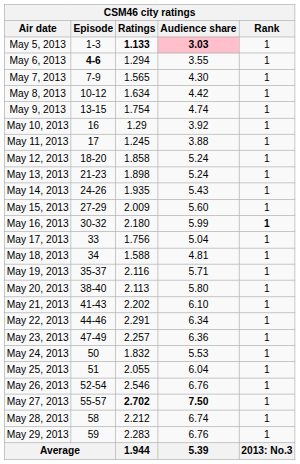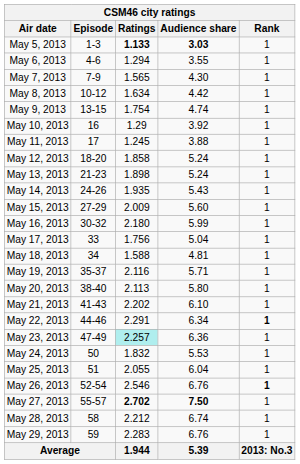 <table class="wikitable sortable mw-collapsible mw-collapsed jquery-tablesorter" style="text-align:center">
 <tr>
 <th colspan="5">CSM46 city ratings</th>
 </tr>
 <tr>
 <th>Air date</th>
 <th>Episode</th>
 <th>Ratings</th>
 <th>Audience share</th>
 <th>Rank</th>
 </tr>
 <tr>
 <td>May 5, 2013</td>
 <td>1-3</td>
 <td><strong><span>1.133</span></strong></td>
-<td style="background: pink;"><strong><span>3.03</span></strong></td>
+<td><strong><span>3.03</span></strong></td>
 <td>1</td>
 </tr>
 <tr>
 <td>May 6, 2013</td>
-<td><strong>4-6</strong></td>
+<td>4-6</td>
 <td>1.294</td>
 <td>3.55</td>
 <td>1</td>
 </tr>
 <tr>
 <td>May 7, 2013</td>
 <td>7-9</td>
 <td>1.565</td>
 <td>4.30</td>
 <td>1</td>
 </tr>
 <tr>
 <td>May 8, 2013</td>
 <td>10-12</td>
 <td>1.634</td>
 <td>4.42</td>
 <td>1</td>
 </tr>
 <tr>
 <td>May 9, 2013</td>
 <td>13-15</td>
 <td>1.754</td>
 <td>4.74</td>
 <td>1</td>
 </tr>
 <tr>
 <td>May 10, 2013</td>
 <td>16</td>
 <td>1.29</td>
 <td>3.92</td>
 <td>1</td>
 </tr>
 <tr>
 <td>May 11, 2013</td>
 <td>17</td>
 <td>1.245</td>
 <td>3.88</td>
 <td>1</td>
 </tr>
 <tr>
 <td>May 12, 2013</td>
 <td>18-20</td>
 <td>1.858</td>
 <td>5.24</td>
 <td>1</td>
 </tr>
 <tr>
 <td>May 13, 2013</td>
 <td>21-23</td>
 <td>1.898</td>
 <td>5.24</td>
 <td>1</td>
 </tr>
 <tr>
 <td>May 14, 2013</td>
 <td>24-26</td>
 <td>1.935</td>
 <td>5.43</td>
 <td>1</td>
 </tr>
 <tr>
 <td>May 15, 2013</td>
 <td>27-29</td>
 <td>2.009</td>
 <td>5.60</td>
 <td>1</td>
 </tr>
 <tr>
 <td>May 16, 2013</td>
 <td>30-32</td>
 <td>2.180</td>
 <td>5.99</td>
-<td><strong>1</strong></td>
+<td>1</td>
 </tr>
 <tr>
 <td>May 17, 2013</td>
 <td>33</td>
 <td>1.756</td>
 <td>5.04</td>
 <td>1</td>
 </tr>
 <tr>
 <td>May 18, 2013</td>
 <td>34</td>
 <td>1.588</td>
 <td>4.81</td>
 <td>1</td>
 </tr>
 <tr>
 <td>May 19, 2013</td>
 <td>35-37</td>
 <td>2.116</td>
 <td>5.71</td>
 <td>1</td>
 </tr>
 <tr>
 <td>May 20, 2013</td>
 <td>38-40</td>
 <td>2.113</td>
 <td>5.80</td>
 <td>1</td>
 </tr>
 <tr>
 <td>May 21, 2013</td>
 <td>41-43</td>
 <td>2.202</td>
 <td>6.10</td>
 <td>1</td>
 </tr>
 <tr>
 <td>May 22, 2013</td>
 <td>44-46</td>
 <td>2.291</td>
 <td>6.34</td>
-<td>1</td>
+<td><strong>1</strong></td>
 </tr>
 <tr>
 <td>May 23, 2013</td>
 <td>47-49</td>
-<td>2.257</td>
+<td style="background: paleturquoise;">2.257</td>
 <td>6.36</td>
 <td>1</td>
 </tr>
 <tr>
 <td>May 24, 2013</td>
 <td>50</td>
 <td>1.832</td>
 <td>5.53</td>
 <td>1</td>
 </tr>
 <tr>
 <td>May 25, 2013</td>
 <td>51</td>
 <td>2.055</td>
 <td>6.04</td>
 <td>1</td>
 </tr>
 <tr>
 <td>May 26, 2013</td>
 <td>52-54</td>
 <td>2.546</td>
 <td>6.76</td>
-<td>1</td>
+<td><strong>1</strong></td>
 </tr>
 <tr>
 <td>May 27, 2013</td>
 <td>55-57</td>
 <td><strong><span>2.702</span></strong></td>
 <td><strong><span>7.50</span></strong></td>
 <td>1</td>
 </tr>
 <tr>
 <td>May 28, 2013</td>
 <td>58</td>
 <td>2.212</td>
 <td>6.74</td>
 <td>1</td>
 </tr>
 <tr>
 <td>May 29, 2013</td>
 <td>59</td>
 <td>2.283</td>
 <td>6.76</td>
 <td>1</td>
 </tr>
 <tr>
 <th colspan="2">Average</th>
 <th>1.944</th>
 <th>5.39</th>
 <th>2013: No.3</th>
 </tr>
 </table>
